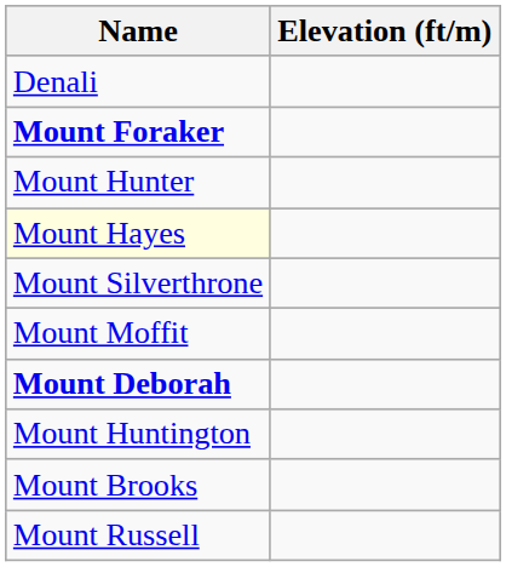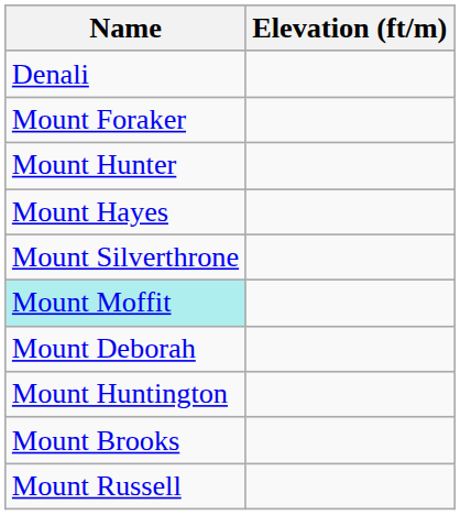 <table class="wikitable sortable">
 <tr>
 <th>Name</th>
 <th colspan=2>Elevation (ft/m)</th>
 </tr>
 <tr>
 <td><a href='#'>Denali</a></td>
 <td></td>
 </tr>
 <tr>
-<td><strong><a href='#'>Mount Foraker</a></strong></td>
+<td><a href='#'>Mount Foraker</a></td>
 <td></td>
 </tr>
 <tr>
 <td><a href='#'>Mount Hunter</a></td>
 <td></td>
 </tr>
 <tr>
-<td style="background: lightyellow;"><a href='#'>Mount Hayes</a></td>
+<td><a href='#'>Mount Hayes</a></td>
 <td></td>
 </tr>
 <tr>
 <td><a href='#'>Mount Silverthrone</a></td>
 <td></td>
 </tr>
 <tr>
-<td><a href='#'>Mount Moffit</a></td>
+<td style="background: paleturquoise;"><a href='#'>Mount Moffit</a></td>
 <td></td>
 </tr>
 <tr>
-<td><strong><a href='#'>Mount Deborah</a></strong></td>
+<td><a href='#'>Mount Deborah</a></td>
 <td></td>
 </tr>
 <tr>
 <td><a href='#'>Mount Huntington</a></td>
 <td></td>
 </tr>
 <tr>
 <td><a href='#'>Mount Brooks</a></td>
 <td></td>
 </tr>
 <tr>
 <td><a href='#'>Mount Russell</a></td>
 <td></td>
 </tr>
 </table>
